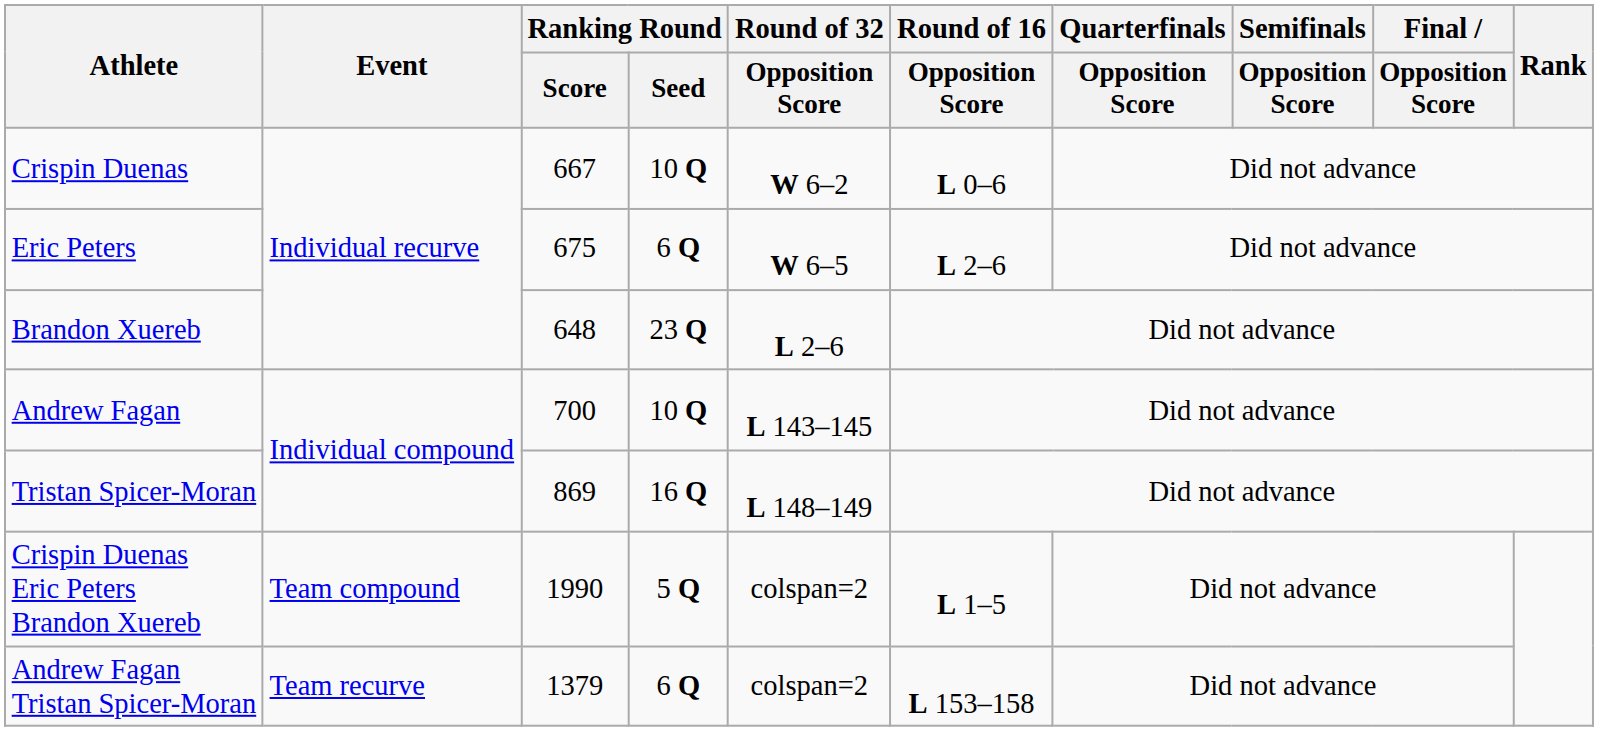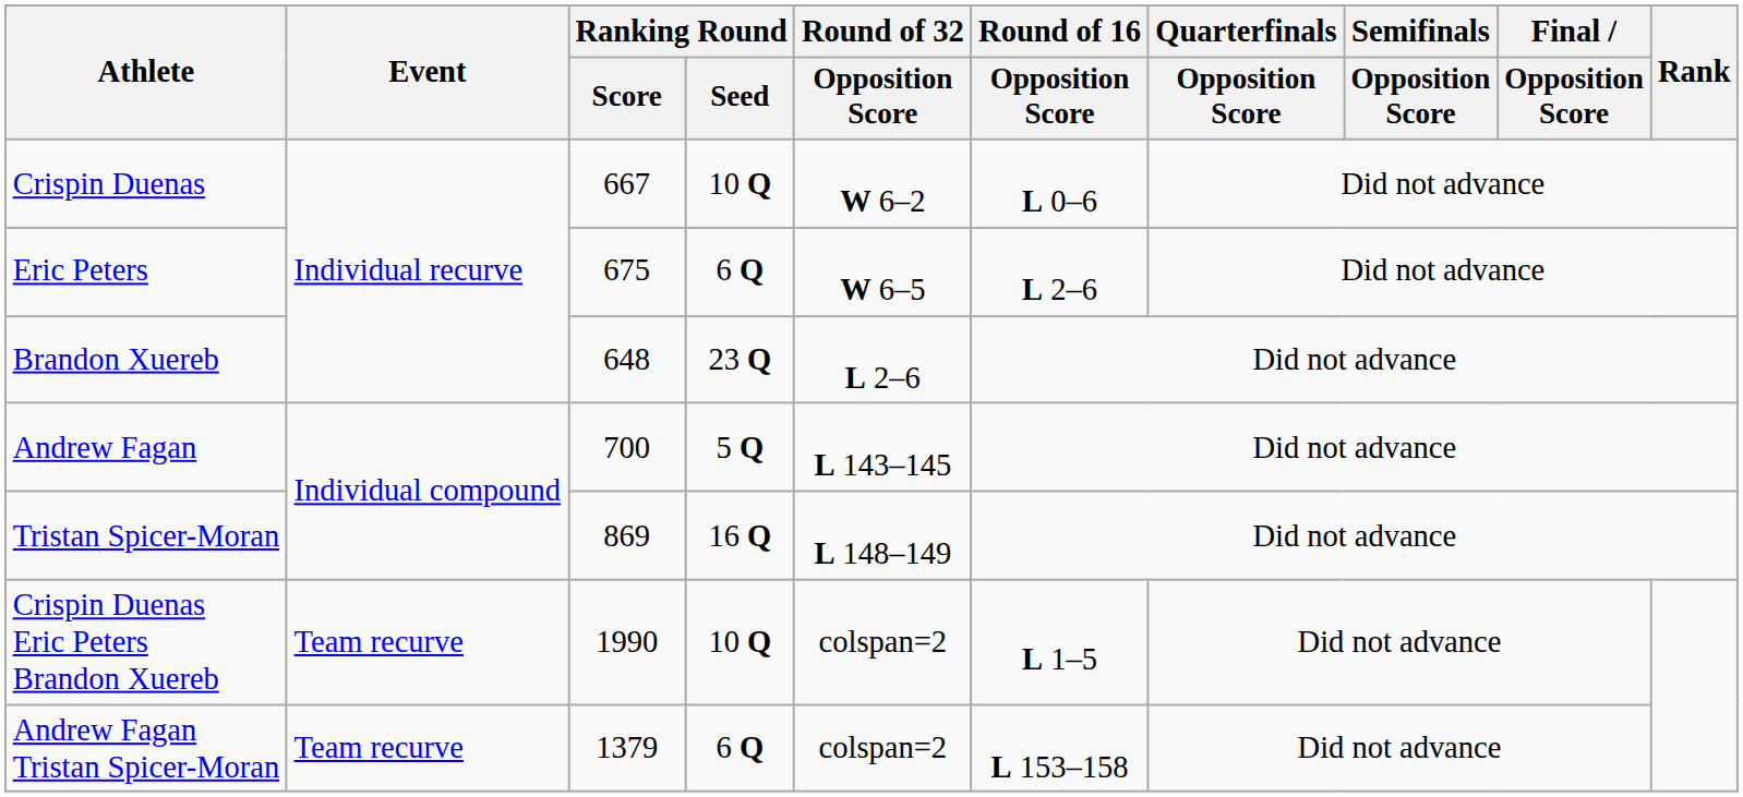 <table class="wikitable" style="font-size:90%">
 <tr>
 <th rowspan=2>Athlete</th>
 <th rowspan=2>Event</th>
 <th colspan=2>Ranking Round</th>
 <th>Round of 32</th>
 <th>Round of 16</th>
 <th>Quarterfinals</th>
 <th>Semifinals</th>
 <th>Final / </th>
 <th rowspan=2>Rank</th>
 </tr>
 <tr style="font-size:95%">
 <th>Score</th>
 <th>Seed</th>
 <th>Opposition<br>Score</th>
 <th>Opposition<br>Score</th>
 <th>Opposition<br>Score</th>
 <th>Opposition<br>Score</th>
 <th>Opposition<br>Score</th>
 </tr>
 <tr align=center>
 <td align=left><a href='#'>Crispin Duenas</a></td>
 <td align=left rowspan=3><a href='#'>Individual recurve</a></td>
 <td>667</td>
 <td>10 <strong>Q</strong></td>
 <td><br><strong>W</strong> 6–2</td>
 <td><br><strong>L</strong> 0–6</td>
 <td colspan=4>Did not advance</td>
 </tr>
 <tr align=center>
 <td align=left><a href='#'>Eric Peters</a></td>
 <td>675</td>
 <td>6 <strong>Q</strong></td>
 <td><br><strong>W</strong> 6–5</td>
 <td><br><strong>L</strong> 2–6</td>
 <td colspan=4>Did not advance</td>
 </tr>
 <tr align=center>
 <td align=left><a href='#'>Brandon Xuereb</a></td>
 <td>648</td>
 <td>23 <strong>Q</strong></td>
 <td><br><strong>L</strong> 2–6</td>
 <td colspan=5>Did not advance</td>
 </tr>
 <tr align=center>
 <td align=left><a href='#'>Andrew Fagan</a></td>
 <td align=left rowspan=2><a href='#'>Individual compound</a></td>
 <td>700</td>
-<td>10 <strong>Q</strong></td>
+<td>5 <strong>Q</strong></td>
 <td><br><strong>L</strong> 143–145</td>
 <td colspan=5>Did not advance</td>
 </tr>
 <tr align=center>
 <td align=left><a href='#'>Tristan Spicer-Moran</a></td>
 <td>869</td>
 <td>16 <strong>Q</strong></td>
 <td><br><strong>L</strong> 148–149</td>
 <td colspan=5>Did not advance</td>
 </tr>
 <tr align=center>
 <td align=left><a href='#'>Crispin Duenas</a><br><a href='#'>Eric Peters</a><br><a href='#'>Brandon Xuereb</a></td>
-<td align=left><a href='#'>Team compound</a></td>
+<td align=left><a href='#'>Team recurve</a></td>
 <td>1990</td>
-<td>5 <strong>Q</strong></td>
+<td>10 <strong>Q</strong></td>
 <td>colspan=2 </td>
 <td><br><strong>L</strong> 1–5</td>
 <td colspan=3>Did not advance</td>
 </tr>
 <tr align=center>
 <td align=left><a href='#'>Andrew Fagan</a><br><a href='#'>Tristan Spicer-Moran</a></td>
 <td align=left><a href='#'>Team recurve</a></td>
 <td>1379</td>
 <td>6 <strong>Q</strong></td>
 <td>colspan=2 </td>
 <td><br><strong>L</strong> 153–158</td>
 <td colspan=3>Did not advance</td>
 </tr>
 </table>
